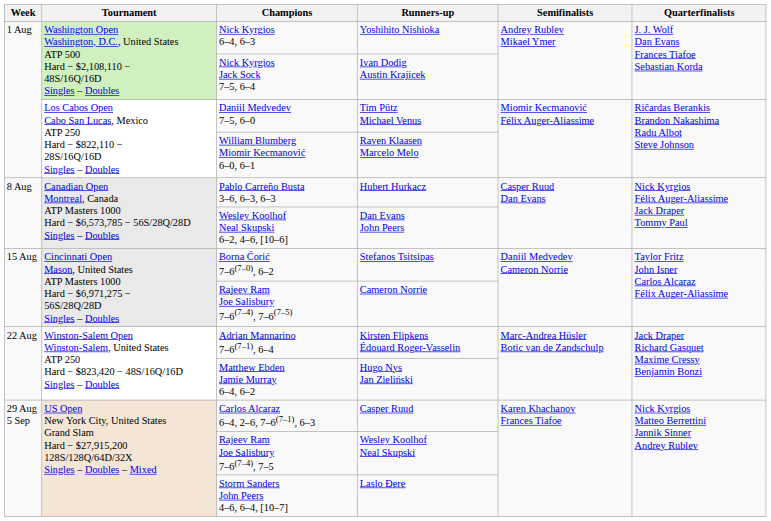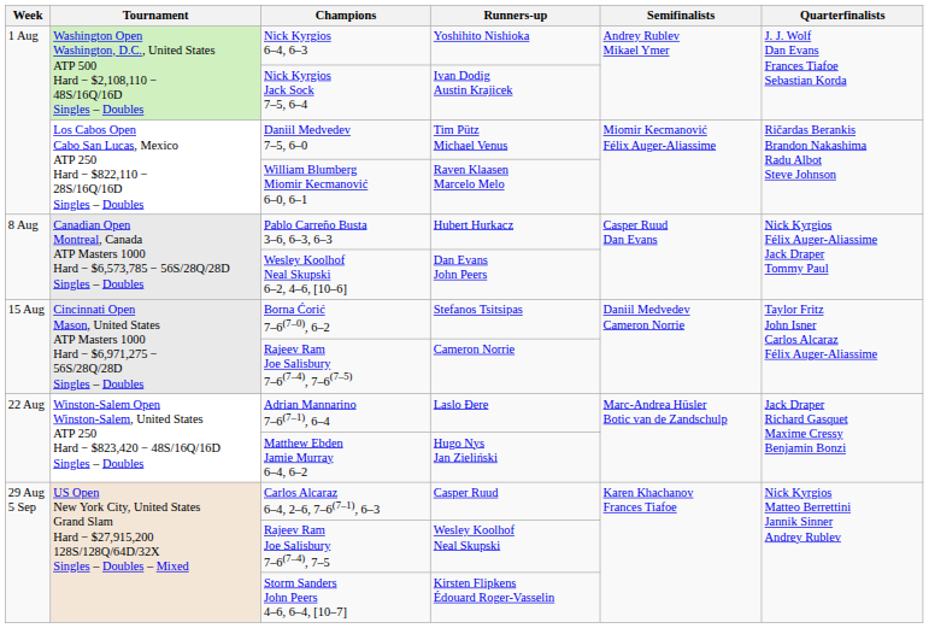 <table class=wikitable style=font-size:95%>
 <tr>
 <th style="width:48px;">Week</th>
 <th style="width:250px;">Tournament</th>
 <th style="width:200px;">Champions</th>
 <th style="width:200px;">Runners-up</th>
 <th style="width:190px;">Semifinalists</th>
 <th style="width:190px;">Quarterfinalists</th>
 </tr>
 <tr valign=top>
 <td rowspan=4>1 Aug</td>
 <td rowspan=2 style="background:#d0f0c0;"><a href='#'>Washington Open</a> <br> <a href='#'>Washington, D.C.</a>, United States <br> ATP 500 <br> Hard − $2,108,110 − <br> 48S/16Q/16D <br> <a href='#'>Singles</a> – <a href='#'>Doubles</a></td>
 <td> <a href='#'>Nick Kyrgios</a><br>6–4, 6–3</td>
 <td> <a href='#'>Yoshihito Nishioka</a></td>
 <td rowspan=2> <a href='#'>Andrey Rublev</a> <br>  <a href='#'>Mikael Ymer</a></td>
 <td rowspan=2> <a href='#'>J. J. Wolf</a> <br>  <a href='#'>Dan Evans</a> <br>  <a href='#'>Frances Tiafoe</a> <br>  <a href='#'>Sebastian Korda</a></td>
 </tr>
 <tr valign=top>
 <td> <a href='#'>Nick Kyrgios</a> <br>  <a href='#'>Jack Sock</a> <br> 7–5, 6–4</td>
 <td> <a href='#'>Ivan Dodig</a> <br>  <a href='#'>Austin Krajicek</a></td>
 </tr>
 <tr valign=top>
 <td rowspan=2 style="background:#fff;"><a href='#'>Los Cabos Open</a> <br> <a href='#'>Cabo San Lucas</a>, Mexico <br> ATP 250 <br> Hard − $822,110 − <br> 28S/16Q/16D <br> <a href='#'>Singles</a> – <a href='#'>Doubles</a></td>
 <td> <a href='#'>Daniil Medvedev</a><br>7–5, 6–0</td>
 <td> <a href='#'>Tim Pütz</a> <br>  <a href='#'>Michael Venus</a></td>
 <td rowspan=2> <a href='#'>Miomir Kecmanović</a> <br>   <a href='#'>Félix Auger-Aliassime</a></td>
 <td rowspan=2> <a href='#'>Ričardas Berankis</a> <br>  <a href='#'>Brandon Nakashima</a><br>  <a href='#'>Radu Albot</a> <br>  <a href='#'>Steve Johnson</a></td>
 </tr>
 <tr valign=top>
 <td> <a href='#'>William Blumberg</a>  <br>   <a href='#'>Miomir Kecmanović</a> <br> 6–0, 6–1</td>
 <td> <a href='#'>Raven Klaasen</a>  <br>   <a href='#'>Marcelo Melo</a></td>
 </tr>
 <tr valign=top>
 <td rowspan=2>8 Aug</td>
 <td rowspan=2 style="background:#e9e9e9;"><a href='#'>Canadian Open</a> <br> <a href='#'>Montreal</a>, Canada <br> ATP Masters 1000 <br> Hard − $6,573,785 − 56S/28Q/28D <br> <a href='#'>Singles</a> – <a href='#'>Doubles</a></td>
 <td> <a href='#'>Pablo Carreño Busta</a><br>3–6, 6–3, 6–3</td>
 <td> <a href='#'>Hubert Hurkacz</a></td>
 <td rowspan=2> <a href='#'>Casper Ruud</a> <br>  <a href='#'>Dan Evans</a></td>
 <td rowspan=2> <a href='#'>Nick Kyrgios</a> <br>  <a href='#'>Félix Auger-Aliassime</a> <br>  <a href='#'>Jack Draper</a> <br>  <a href='#'>Tommy Paul</a></td>
 </tr>
 <tr valign=top>
 <td> <a href='#'>Wesley Koolhof</a>  <br>  <a href='#'>Neal Skupski</a> <br> 6–2, 4–6, [10–6]</td>
 <td> <a href='#'>Dan Evans</a>  <br>  <a href='#'>John Peers</a></td>
 </tr>
 <tr valign=top>
 <td rowspan=2>15 Aug</td>
 <td rowspan=2 style="background:#e9e9e9;"><a href='#'>Cincinnati Open</a> <br> <a href='#'>Mason</a>, United States <br> ATP Masters 1000 <br> Hard − $6,971,275 − <br> 56S/28Q/28D <br> <a href='#'>Singles</a> – <a href='#'>Doubles</a></td>
 <td> <a href='#'>Borna Ćorić</a> <br> 7–6<sup>(7–0)</sup>, 6–2</td>
 <td> <a href='#'>Stefanos Tsitsipas</a></td>
 <td rowspan=2> <a href='#'>Daniil Medvedev</a> <br>  <a href='#'>Cameron Norrie</a></td>
 <td rowspan=2> <a href='#'>Taylor Fritz</a> <br>  <a href='#'>John Isner</a> <br>  <a href='#'>Carlos Alcaraz</a> <br>  <a href='#'>Félix Auger-Aliassime</a></td>
 </tr>
 <tr valign=top>
 <td> <a href='#'>Rajeev Ram</a><br>  <a href='#'>Joe Salisbury</a> <br> 7–6<sup>(7–4)</sup>, 7–6<sup>(7–5)</sup></td>
 <td> <a href='#'>Cameron Norrie</a></td>
 </tr>
 <tr valign=top>
 <td rowspan=2>22 Aug</td>
 <td rowspan=2 style="background:#fff;"><a href='#'>Winston-Salem Open</a> <br> <a href='#'>Winston-Salem</a>, United States <br> ATP 250 <br> Hard − $823,420 − 48S/16Q/16D <br> <a href='#'>Singles</a> – <a href='#'>Doubles</a></td>
 <td> <a href='#'>Adrian Mannarino</a> <br> 7–6<sup>(7–1)</sup>, 6–4</td>
-<td> <a href='#'>Kirsten Flipkens</a><br>  <a href='#'>Édouard Roger-Vasselin</a></td>
+<td> <a href='#'>Laslo Đere</a></td>
 <td rowspan=2> <a href='#'>Marc-Andrea Hüsler</a> <br>  <a href='#'>Botic van de Zandschulp</a></td>
 <td rowspan=2> <a href='#'>Jack Draper</a> <br>  <a href='#'>Richard Gasquet</a> <br>  <a href='#'>Maxime Cressy</a> <br>  <a href='#'>Benjamin Bonzi</a></td>
 </tr>
 <tr valign=top>
 <td> <a href='#'>Matthew Ebden</a><br>  <a href='#'>Jamie Murray</a><br>6–4, 6–2</td>
 <td> <a href='#'>Hugo Nys</a><br>  <a href='#'>Jan Zieliński</a></td>
 </tr>
 <tr valign=top>
 <td rowspan=3>29 Aug<br>5 Sep</td>
 <td style="background:#f3e6d7;" rowspan=3><a href='#'>US Open</a> <br> New York City, United States <br> Grand Slam <br> Hard − $27,915,200 <br> 128S/128Q/64D/32X <br> <a href='#'>Singles</a> – <a href='#'>Doubles</a> – <a href='#'>Mixed</a></td>
 <td> <a href='#'>Carlos Alcaraz</a> <br> 6–4, 2–6, 7–6<sup>(7–1)</sup>, 6–3</td>
 <td> <a href='#'>Casper Ruud</a></td>
 <td rowspan=3> <a href='#'>Karen Khachanov</a> <br>  <a href='#'>Frances Tiafoe</a></td>
 <td rowspan=3> <a href='#'>Nick Kyrgios</a><br> <a href='#'>Matteo Berrettini</a> <br> <a href='#'>Jannik Sinner</a> <br>  <a href='#'>Andrey Rublev</a></td>
 </tr>
 <tr valign=top>
 <td> <a href='#'>Rajeev Ram</a> <br>  <a href='#'>Joe Salisbury</a> <br> 7–6<sup>(7–4)</sup>, 7–5</td>
 <td> <a href='#'>Wesley Koolhof</a> <br>  <a href='#'>Neal Skupski</a></td>
 </tr>
 <tr valign=top>
 <td> <a href='#'>Storm Sanders</a><br>  <a href='#'>John Peers</a><br>4–6, 6–4, [10–7]</td>
-<td> <a href='#'>Laslo Đere</a></td>
+<td> <a href='#'>Kirsten Flipkens</a><br>  <a href='#'>Édouard Roger-Vasselin</a></td>
 </tr>
 </table>
